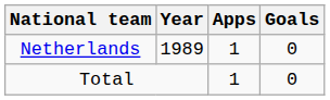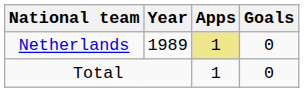 <table class="wikitable" style="text-align:center">
 <tr>
 <th>National team</th>
 <th>Year</th>
 <th>Apps</th>
 <th>Goals</th>
 </tr>
 <tr>
 <td><a href='#'>Netherlands</a></td>
 <td>1989</td>
-<td>1</td>
+<td style="background: khaki;">1</td>
 <td>0</td>
 </tr>
 <tr>
 <td colspan="2">Total</td>
 <td>1</td>
 <td>0</td>
 </tr>
 </table>
